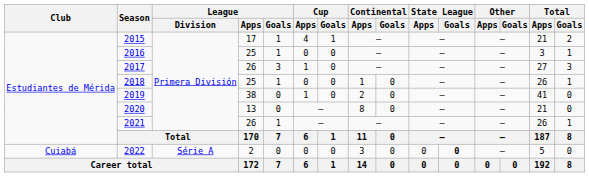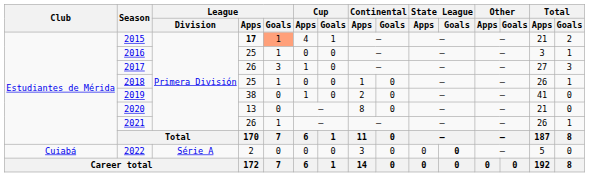 <table class="wikitable" style="text-align: center">
 <tr>
 <th rowspan="2">Club</th>
 <th rowspan="2">Season</th>
 <th colspan="3">League</th>
 <th colspan="2">Cup</th>
 <th colspan="2">Continental</th>
 <th colspan="2">State League</th>
 <th colspan="2">Other</th>
 <th colspan="2">Total</th>
 </tr>
 <tr>
 <th>Division</th>
 <th>Apps</th>
 <th>Goals</th>
 <th>Apps</th>
 <th>Goals</th>
 <th>Apps</th>
 <th>Goals</th>
 <th>Apps</th>
 <th>Goals</th>
 <th>Apps</th>
 <th>Goals</th>
 <th>Apps</th>
 <th>Goals</th>
 </tr>
 <tr>
 <td rowspan="8"><a href='#'>Estudiantes de Mérida</a></td>
 <td><a href='#'>2015</a></td>
 <td rowspan="7"><a href='#'>Primera División</a></td>
-<td>17</td>
-<td>1</td>
+<td><strong>17</strong></td>
+<td style="background: lightsalmon;">1</td>
 <td>4</td>
 <td>1</td>
 <td colspan="2">—</td>
 <td colspan="2">—</td>
 <td colspan="2">—</td>
 <td>21</td>
 <td>2</td>
 </tr>
 <tr>
 <td><a href='#'>2016</a></td>
 <td>25</td>
 <td>1</td>
 <td>0</td>
 <td>0</td>
 <td colspan="2">—</td>
 <td colspan="2">—</td>
 <td colspan="2">—</td>
 <td>3</td>
 <td>1</td>
 </tr>
 <tr>
 <td><a href='#'>2017</a></td>
 <td>26</td>
 <td>3</td>
 <td>1</td>
 <td>0</td>
 <td colspan="2">—</td>
 <td colspan="2">—</td>
 <td colspan="2">—</td>
 <td>27</td>
 <td>3</td>
 </tr>
 <tr>
 <td><a href='#'>2018</a></td>
 <td>25</td>
 <td>1</td>
 <td>0</td>
 <td>0</td>
 <td>1</td>
 <td>0</td>
 <td colspan="2">—</td>
 <td colspan="2">—</td>
 <td>26</td>
 <td>1</td>
 </tr>
 <tr>
 <td><a href='#'>2019</a></td>
 <td>38</td>
 <td>0</td>
 <td>1</td>
 <td>0</td>
 <td>2</td>
 <td>0</td>
 <td colspan="2">—</td>
 <td colspan="2">—</td>
 <td>41</td>
 <td>0</td>
 </tr>
 <tr>
 <td><a href='#'>2020</a></td>
 <td>13</td>
 <td>0</td>
 <td colspan="2">—</td>
 <td>8</td>
 <td>0</td>
 <td colspan="2">—</td>
 <td colspan="2">—</td>
 <td>21</td>
 <td>0</td>
 </tr>
 <tr>
 <td><a href='#'>2021</a></td>
 <td>26</td>
 <td>1</td>
 <td colspan="2">—</td>
 <td colspan="2">—</td>
 <td colspan="2">—</td>
 <td colspan="2">—</td>
 <td>26</td>
 <td>1</td>
 </tr>
 <tr>
 <th colspan="2">Total</th>
 <th>170</th>
 <th>7</th>
 <th>6</th>
 <th>1</th>
 <th>11</th>
 <th>0</th>
 <th colspan="2">—</th>
 <th colspan="2">—</th>
 <th>187</th>
 <th>8</th>
 </tr>
 <tr>
 <td><a href='#'>Cuiabá</a></td>
 <td><a href='#'>2022</a></td>
 <td><a href='#'>Série A</a></td>
 <td>2</td>
 <td>0</td>
 <td>0</td>
 <td>0</td>
 <td>3</td>
 <td>0</td>
 <td>0</td>
 <td><strong>0</strong></td>
 <td colspan="2">—</td>
 <td>5</td>
 <td>0</td>
 </tr>
 <tr>
 <th colspan="3"><strong>Career total</strong></th>
 <th>172</th>
 <th>7</th>
 <th>6</th>
 <th>1</th>
 <th>14</th>
 <th>0</th>
 <th>0</th>
 <th>0</th>
 <th>0</th>
 <th>0</th>
 <th>192</th>
 <th>8</th>
 </tr>
 </table>
